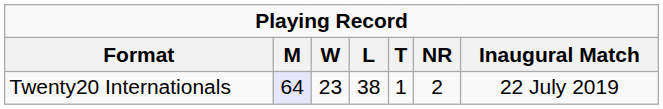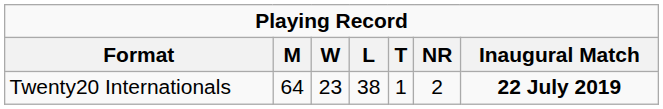 <table class="wikitable" style="text-align: center; width: 500px;">
 <tr>
 <td colspan=7 align="center"><strong>Playing Record</strong></td>
 </tr>
 <tr>
 <th>Format</th>
 <th>M</th>
 <th>W</th>
 <th>L</th>
 <th>T</th>
 <th>NR</th>
 <th>Inaugural Match</th>
 </tr>
 <tr>
 <td align="left">Twenty20 Internationals</td>
-<td style="background: lavender;">64</td>
+<td>64</td>
 <td>23</td>
 <td>38</td>
 <td>1</td>
 <td>2</td>
-<td>22 July 2019</td>
+<td><strong>22 July 2019</strong></td>
 </tr>
 </table>
